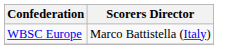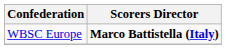 <table class="wikitable">
 <tr>
 <th>Confederation</th>
 <th>Scorers Director</th>
 </tr>
 <tr>
 <td rowspan="1"><a href='#'>WBSC Europe</a></td>
-<td>Marco Battistella (<a href='#'>Italy</a>)</td>
+<td><strong>Marco Battistella (<a href='#'>Italy</a>)</strong></td>
 </tr>
 <tr>
 </tr>
 </table>
